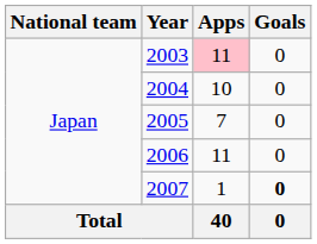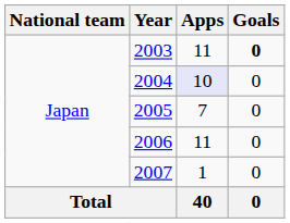 <table class="wikitable" style="text-align:center">
 <tr>
 <th>National team</th>
 <th>Year</th>
 <th>Apps</th>
 <th>Goals</th>
 </tr>
 <tr>
 <td rowspan="5"><a href='#'>Japan</a></td>
 <td><a href='#'>2003</a></td>
-<td style="background: pink;">11</td>
-<td>0</td>
+<td>11</td>
+<td><strong>0</strong></td>
 </tr>
 <tr>
 <td><a href='#'>2004</a></td>
-<td>10</td>
+<td style="background: lavender;">10</td>
 <td>0</td>
 </tr>
 <tr>
 <td><a href='#'>2005</a></td>
 <td>7</td>
 <td>0</td>
 </tr>
 <tr>
 <td><a href='#'>2006</a></td>
 <td>11</td>
 <td>0</td>
 </tr>
 <tr>
 <td><a href='#'>2007</a></td>
 <td>1</td>
-<td><strong>0</strong></td>
+<td>0</td>
 </tr>
 <tr>
 <th colspan="2">Total</th>
 <th>40</th>
 <th>0</th>
 </tr>
 </table>
